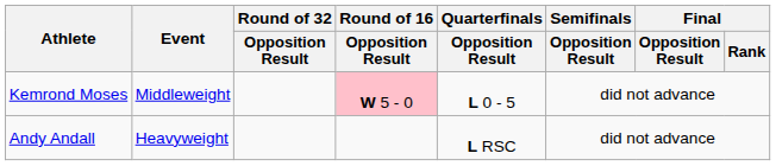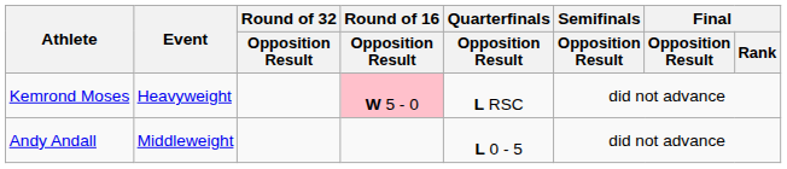 <table class="wikitable" style="font-size:90%; text-align:center">
 <tr>
 <th rowspan=2>Athlete</th>
 <th rowspan=2>Event</th>
 <th>Round of 32</th>
 <th>Round of 16</th>
 <th>Quarterfinals</th>
 <th>Semifinals</th>
 <th colspan=2>Final</th>
 </tr>
 <tr style="font-size:95%">
 <th>Opposition<br>Result</th>
 <th>Opposition<br>Result</th>
 <th>Opposition<br>Result</th>
 <th>Opposition<br>Result</th>
 <th>Opposition<br>Result</th>
 <th>Rank</th>
 </tr>
 <tr>
 <td align=left><a href='#'>Kemrond Moses</a></td>
-<td align=left><a href='#'>Middleweight</a></td>
+<td align=left><a href='#'>Heavyweight</a></td>
 <td></td>
 <td style="background: pink;"><br><strong>W</strong> 5 - 0</td>
-<td><br><strong>L</strong> 0 - 5</td>
+<td><br><strong>L</strong> RSC</td>
 <td colspan=3>did not advance</td>
 </tr>
 <tr>
 <td align=left><a href='#'>Andy Andall</a></td>
-<td align=left><a href='#'>Heavyweight</a></td>
+<td align=left><a href='#'>Middleweight</a></td>
 <td></td>
 <td></td>
-<td><br><strong>L</strong> RSC</td>
+<td><br><strong>L</strong> 0 - 5</td>
 <td colspan=3>did not advance</td>
 </tr>
 </table>
